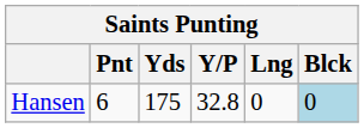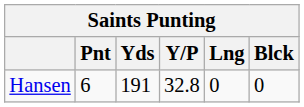 <table class="wikitable">
 <tr>
 <th colspan="6">Saints Punting</th>
 </tr>
 <tr>
 <th></th>
 <th>Pnt</th>
 <th>Yds</th>
 <th>Y/P</th>
 <th>Lng</th>
 <th>Blck</th>
 </tr>
 <tr>
 <td><a href='#'>Hansen</a></td>
 <td>6</td>
-<td>175</td>
+<td>191</td>
 <td>32.8</td>
 <td>0</td>
-<td style="background: lightblue;">0</td>
+<td>0</td>
 </tr>
 </table>
